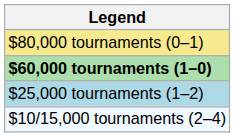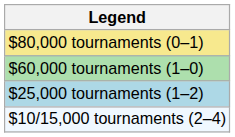 <table class="wikitable" style="font-size:85%;">
 <tr>
 <th>Legend</th>
 </tr>
 <tr style="background:#f7e98e;">
 <td>$80,000 tournaments (0–1)</td>
 </tr>
 <tr style="background:#addfad;">
-<td><strong>$60,000 tournaments (1–0)</strong></td>
+<td>$60,000 tournaments (1–0)</td>
 </tr>
 <tr style="background:lightblue;">
 <td>$25,000 tournaments (1–2)</td>
 </tr>
 <tr style="background:#f0f8ff;">
 <td>$10/15,000 tournaments (2–4)</td>
 </tr>
 </table>
